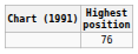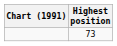 <table class="wikitable">
 <tr>
 <th align="left">Chart (1991)</th>
 <th align="center">Highest<br>position</th>
 </tr>
 <tr>
 <td align="left"></td>
-<td align="center">76</td>
+<td align="center">73</td>
 </tr>
 </table>
